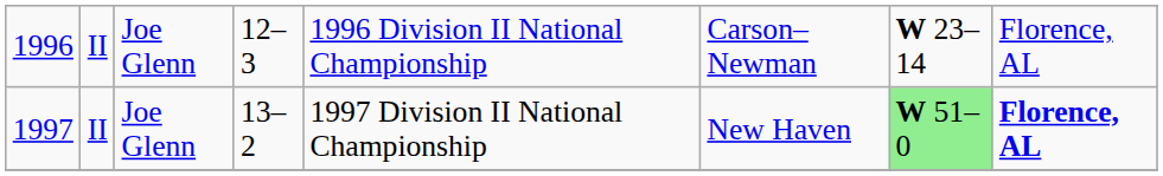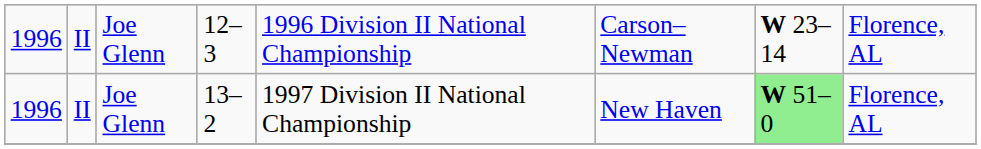 <table class="wikitable">
 <tr>
 <td><a href='#'>1996</a></td>
 <td><a href='#'>II</a></td>
 <td><a href='#'>Joe Glenn</a></td>
 <td>12–3</td>
 <td><a href='#'>1996 Division II National Championship</a></td>
 <td><a href='#'>Carson–Newman</a></td>
 <td><strong>W</strong> 23–14</td>
 <td><a href='#'>Florence, AL</a></td>
 </tr>
 <tr>
-<td><a href='#'>1997</a></td>
+<td><a href='#'>1996</a></td>
 <td><a href='#'>II</a></td>
 <td><a href='#'>Joe Glenn</a></td>
 <td>13–2</td>
 <td>1997 Division II National Championship</td>
 <td><a href='#'>New Haven</a></td>
 <td style="background: lightgreen;"><strong>W</strong> 51–0</td>
-<td><strong><a href='#'>Florence, AL</a></strong></td>
+<td><a href='#'>Florence, AL</a></td>
 </tr>
 <tr>
 </tr>
 </table>
